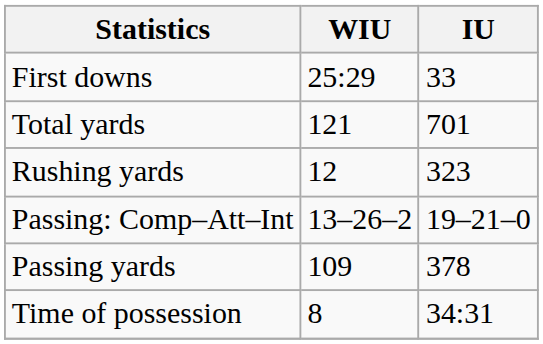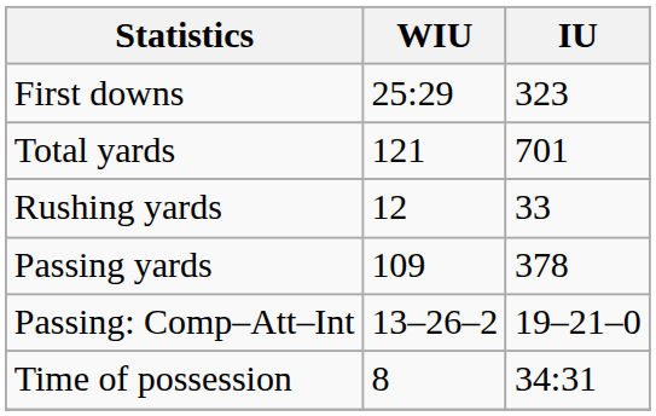 <table class="wikitable" style="float: left;">
 <tr>
 <th>Statistics</th>
 <th>WIU</th>
 <th>IU</th>
 </tr>
 <tr>
 <td>First downs</td>
 <td>25:29</td>
-<td>33</td>
+<td>323</td>
 </tr>
 <tr>
 <td>Total yards</td>
 <td>121</td>
 <td>701</td>
 </tr>
 <tr>
 <td>Rushing yards</td>
 <td>12</td>
-<td>323</td>
+<td>33</td>
+</tr>
+<tr>
+<td>Passing yards</td>
+<td>109</td>
+<td>378</td>
 </tr>
 <tr>
 <td>Passing: Comp–Att–Int</td>
 <td>13–26–2</td>
 <td>19–21–0</td>
-</tr>
-<tr>
-<td>Passing yards</td>
-<td>109</td>
-<td>378</td>
 </tr>
 <tr>
 <td>Time of possession</td>
 <td>8</td>
 <td>34:31</td>
 </tr>
 <tr>
 </tr>
 </table>
